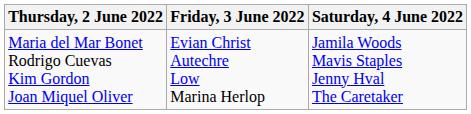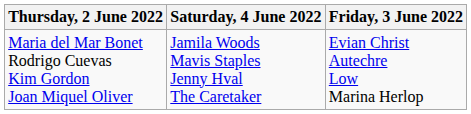 <table class="wikitable">
 <tr>
 <th>Thursday, 2 June 2022</th>
+<th>Saturday, 4 June 2022</th>
 <th>Friday, 3 June 2022</th>
-<th>Saturday, 4 June 2022</th>
 </tr>
 <tr valign="top">
 <td><a href='#'>Maria del Mar Bonet</a><br>Rodrigo Cuevas<br><a href='#'>Kim Gordon</a><br><a href='#'>Joan Miquel Oliver</a></td>
+<td><a href='#'>Jamila Woods</a><br><a href='#'>Mavis Staples</a><br><a href='#'>Jenny Hval</a><br><a href='#'>The Caretaker</a></td>
 <td><a href='#'>Evian Christ</a><br><a href='#'>Autechre</a><br><a href='#'>Low</a><br>Marina Herlop</td>
-<td><a href='#'>Jamila Woods</a><br><a href='#'>Mavis Staples</a><br><a href='#'>Jenny Hval</a><br><a href='#'>The Caretaker</a></td>
 </tr>
 </table>
